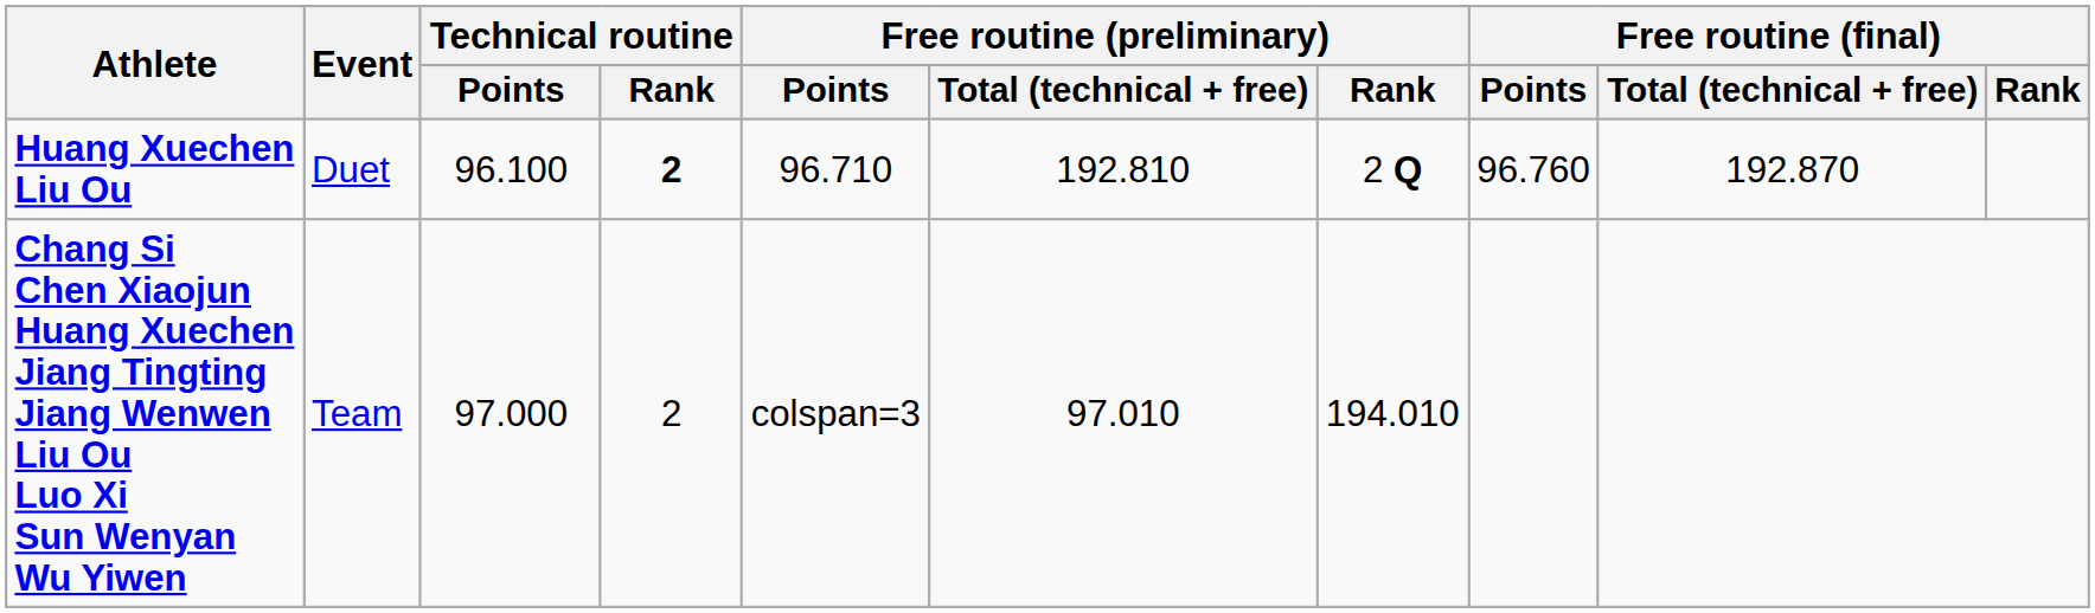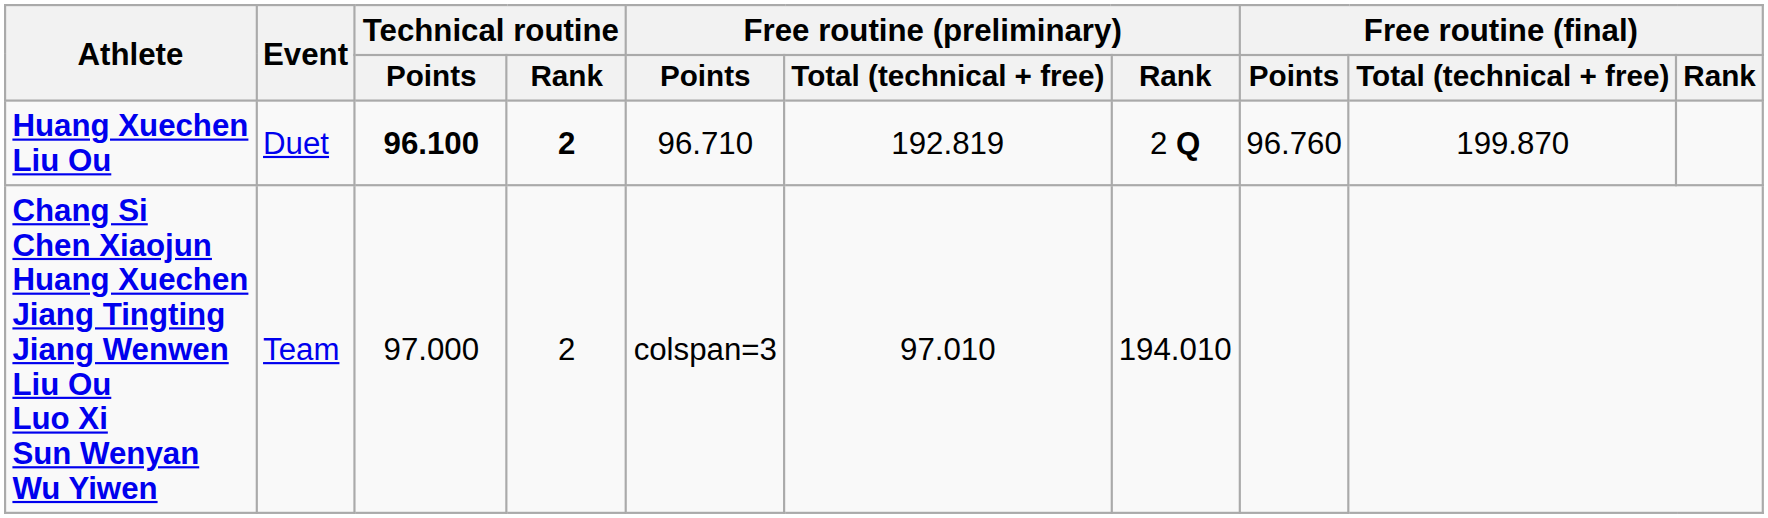 <table class="wikitable" style="font-size:90%">
 <tr>
 <th rowspan=2>Athlete</th>
 <th rowspan=2>Event</th>
 <th colspan=2>Technical routine</th>
 <th colspan=3>Free routine (preliminary)</th>
 <th colspan=3>Free routine (final)</th>
 </tr>
 <tr style="font-size:95%">
 <th>Points</th>
 <th>Rank</th>
 <th>Points</th>
 <th>Total (technical + free)</th>
 <th>Rank</th>
 <th>Points</th>
 <th>Total (technical + free)</th>
 <th>Rank</th>
 </tr>
 <tr align=center>
 <td align=left><strong><a href='#'>Huang Xuechen</a><br><a href='#'>Liu Ou</a></strong></td>
 <td align=left><a href='#'>Duet</a></td>
-<td>96.100</td>
+<td><strong>96.100</strong></td>
 <td><strong>2</strong></td>
 <td>96.710</td>
-<td>192.810</td>
+<td>192.819</td>
 <td>2 <strong>Q</strong></td>
 <td>96.760</td>
-<td>192.870</td>
+<td>199.870</td>
 <td></td>
 </tr>
 <tr align=center>
 <td align=left><strong><a href='#'>Chang Si</a><br><a href='#'>Chen Xiaojun</a><br><a href='#'>Huang Xuechen</a><br><a href='#'>Jiang Tingting</a><br><a href='#'>Jiang Wenwen</a><br><a href='#'>Liu Ou</a><br><a href='#'>Luo Xi</a><br><a href='#'>Sun Wenyan</a><br><a href='#'>Wu Yiwen</a></strong></td>
 <td align=left><a href='#'>Team</a></td>
 <td>97.000</td>
 <td>2</td>
 <td>colspan=3 </td>
 <td>97.010</td>
 <td>194.010</td>
 <td></td>
 </tr>
 </table>
